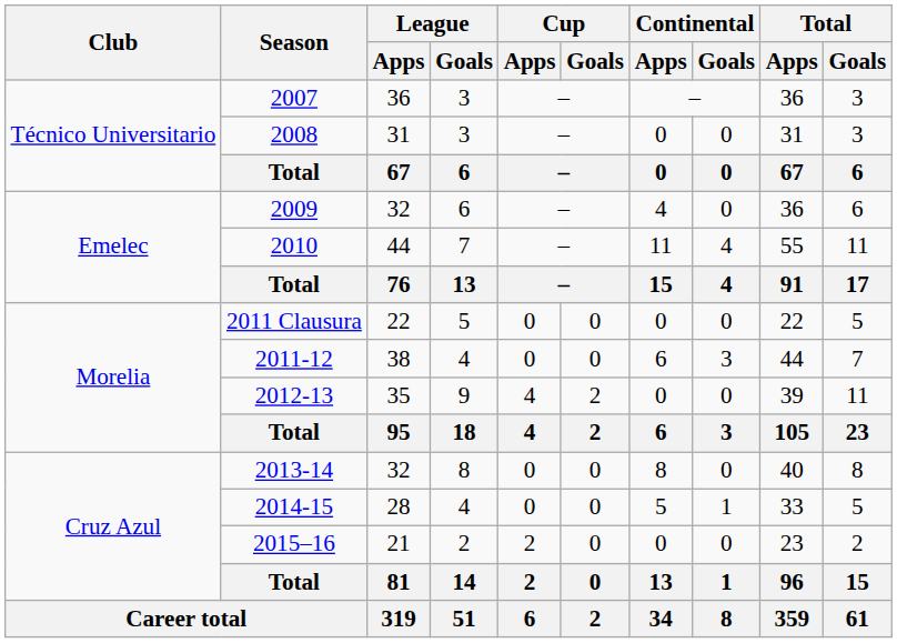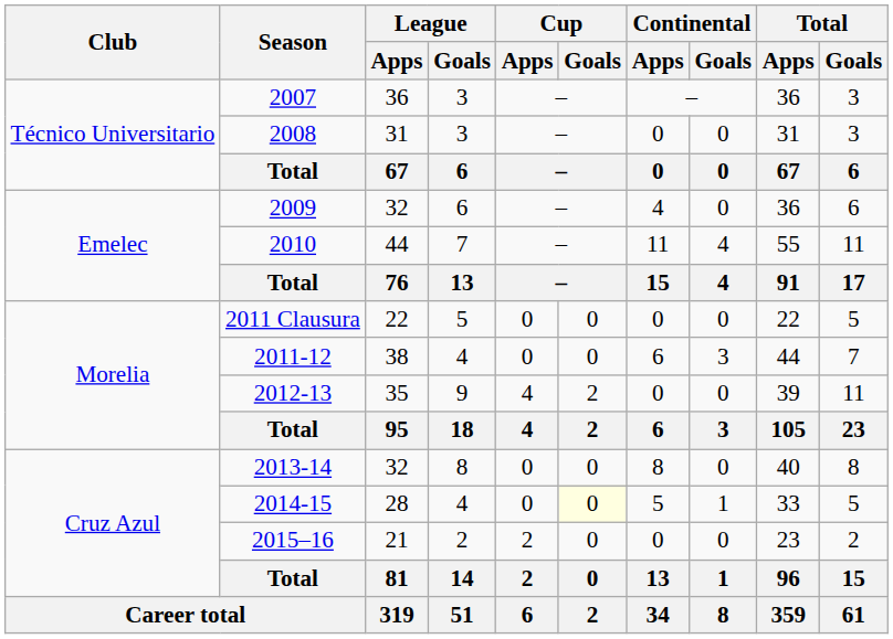 <table class="wikitable" style="text-align: center;">
 <tr>
 <th rowspan="2">Club</th>
 <th rowspan="2">Season</th>
 <th colspan="2">League</th>
 <th colspan="2">Cup</th>
 <th colspan="2">Continental</th>
 <th colspan="2">Total</th>
 </tr>
 <tr>
 <th>Apps</th>
 <th>Goals</th>
 <th>Apps</th>
 <th>Goals</th>
 <th>Apps</th>
 <th>Goals</th>
 <th>Apps</th>
 <th>Goals</th>
 </tr>
 <tr>
 <td rowspan="3"><a href='#'>Técnico Universitario</a></td>
 <td><a href='#'>2007</a></td>
 <td>36</td>
 <td>3</td>
 <td colspan="2">–</td>
 <td colspan="2">–</td>
 <td>36</td>
 <td>3</td>
 </tr>
 <tr>
 <td><a href='#'>2008</a></td>
 <td>31</td>
 <td>3</td>
 <td colspan="2">–</td>
 <td>0</td>
 <td>0</td>
 <td>31</td>
 <td>3</td>
 </tr>
 <tr>
 <th>Total</th>
 <th>67</th>
 <th>6</th>
 <th colspan="2">–</th>
 <th>0</th>
 <th>0</th>
 <th>67</th>
 <th>6</th>
 </tr>
 <tr>
 <td rowspan="3"><a href='#'>Emelec</a></td>
 <td><a href='#'>2009</a></td>
 <td>32</td>
 <td>6</td>
 <td colspan="2">–</td>
 <td>4</td>
 <td>0</td>
 <td>36</td>
 <td>6</td>
 </tr>
 <tr>
 <td><a href='#'>2010</a></td>
 <td>44</td>
 <td>7</td>
 <td colspan="2">–</td>
 <td>11</td>
 <td>4</td>
 <td>55</td>
 <td>11</td>
 </tr>
 <tr>
 <th>Total</th>
 <th>76</th>
 <th>13</th>
 <th colspan="2">–</th>
 <th>15</th>
 <th>4</th>
 <th>91</th>
 <th>17</th>
 </tr>
 <tr>
 <td rowspan="4"><a href='#'>Morelia</a></td>
 <td><a href='#'>2011 Clausura</a></td>
 <td>22</td>
 <td>5</td>
 <td>0</td>
 <td>0</td>
 <td>0</td>
 <td>0</td>
 <td>22</td>
 <td>5</td>
 </tr>
 <tr>
 <td><a href='#'>2011-12</a></td>
 <td>38</td>
 <td>4</td>
 <td>0</td>
 <td>0</td>
 <td>6</td>
 <td>3</td>
 <td>44</td>
 <td>7</td>
 </tr>
 <tr>
 <td><a href='#'>2012-13</a></td>
 <td>35</td>
 <td>9</td>
 <td>4</td>
 <td>2</td>
 <td>0</td>
 <td>0</td>
 <td>39</td>
 <td>11</td>
 </tr>
 <tr>
 <th>Total</th>
 <th>95</th>
 <th>18</th>
 <th>4</th>
 <th>2</th>
 <th>6</th>
 <th>3</th>
 <th>105</th>
 <th>23</th>
 </tr>
 <tr>
 <td rowspan="4"><a href='#'>Cruz Azul</a></td>
 <td><a href='#'>2013-14</a></td>
 <td>32</td>
 <td>8</td>
 <td>0</td>
 <td>0</td>
 <td>8</td>
 <td>0</td>
 <td>40</td>
 <td>8</td>
 </tr>
 <tr>
 <td><a href='#'>2014-15</a></td>
 <td>28</td>
 <td>4</td>
 <td>0</td>
-<td>0</td>
+<td style="background: lightyellow;">0</td>
 <td>5</td>
 <td>1</td>
 <td>33</td>
 <td>5</td>
 </tr>
 <tr>
 <td><a href='#'>2015–16</a></td>
 <td>21</td>
 <td>2</td>
 <td>2</td>
 <td>0</td>
 <td>0</td>
 <td>0</td>
 <td>23</td>
 <td>2</td>
 </tr>
 <tr>
 <th>Total</th>
 <th>81</th>
 <th>14</th>
 <th>2</th>
 <th>0</th>
 <th>13</th>
 <th>1</th>
 <th>96</th>
 <th>15</th>
 </tr>
 <tr>
 <th colspan="2">Career total</th>
 <th>319</th>
 <th>51</th>
 <th>6</th>
 <th>2</th>
 <th>34</th>
 <th>8</th>
 <th>359</th>
 <th>61</th>
 </tr>
 </table>
